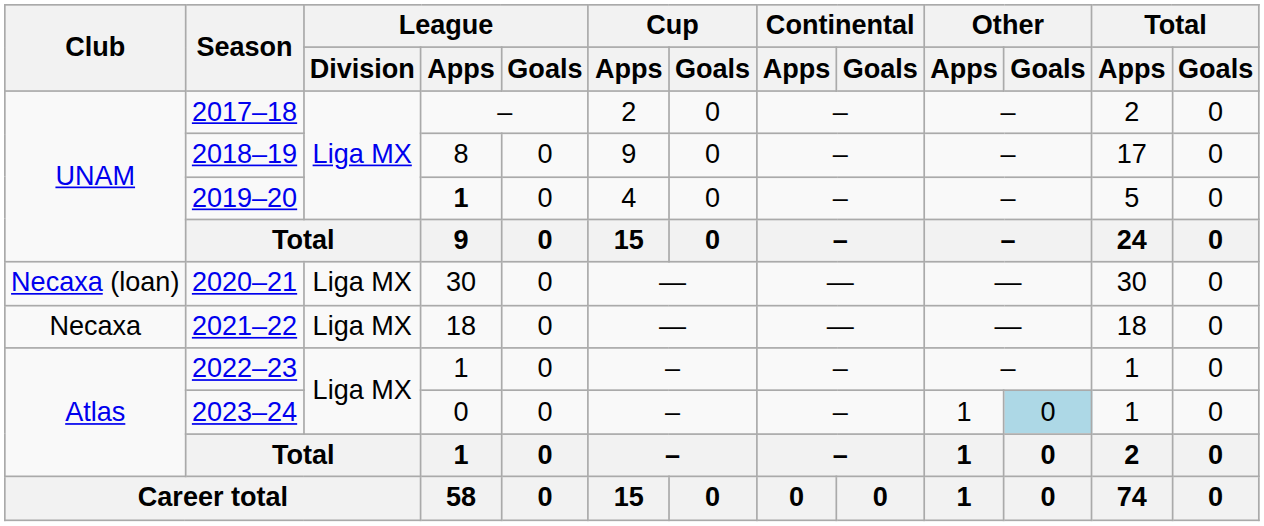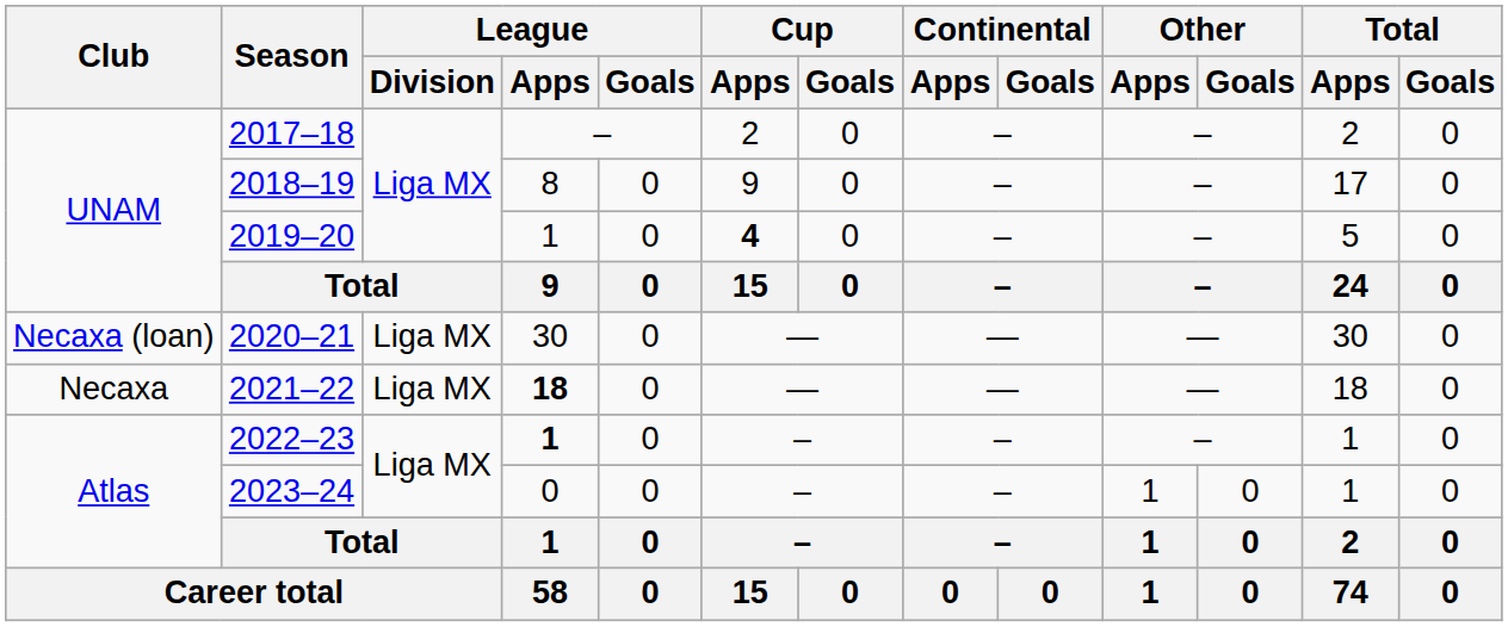 <table class="wikitable" style="text-align: center">
 <tr>
 <th rowspan="2">Club</th>
 <th rowspan="2">Season</th>
 <th colspan="3">League</th>
 <th colspan="2">Cup</th>
 <th colspan="2">Continental</th>
 <th colspan="2">Other</th>
 <th colspan="2">Total</th>
 </tr>
 <tr>
 <th>Division</th>
 <th>Apps</th>
 <th>Goals</th>
 <th>Apps</th>
 <th>Goals</th>
 <th>Apps</th>
 <th>Goals</th>
 <th>Apps</th>
 <th>Goals</th>
 <th>Apps</th>
 <th>Goals</th>
 </tr>
 <tr>
 <td rowspan="4"><a href='#'>UNAM</a></td>
 <td><a href='#'>2017–18</a></td>
 <td rowspan="3"><a href='#'>Liga MX</a></td>
 <td colspan=2>–</td>
 <td>2</td>
 <td>0</td>
 <td colspan="2">–</td>
 <td colspan=2>–</td>
 <td>2</td>
 <td>0</td>
 </tr>
 <tr>
 <td><a href='#'>2018–19</a></td>
 <td>8</td>
 <td>0</td>
 <td>9</td>
 <td>0</td>
 <td colspan=2>–</td>
 <td colspan=2>–</td>
 <td>17</td>
 <td>0</td>
 </tr>
 <tr>
 <td><a href='#'>2019–20</a></td>
-<td><strong>1</strong></td>
+<td>1</td>
 <td>0</td>
-<td>4</td>
+<td><strong>4</strong></td>
 <td>0</td>
 <td colspan=2>–</td>
 <td colspan=2>–</td>
 <td>5</td>
 <td>0</td>
 </tr>
 <tr>
 <th colspan="2">Total</th>
 <th>9</th>
 <th>0</th>
 <th>15</th>
 <th>0</th>
 <th colspan="2">–</th>
 <th colspan="2">–</th>
 <th>24</th>
 <th>0</th>
 </tr>
 <tr>
 <td><a href='#'>Necaxa</a> (loan)</td>
 <td><a href='#'>2020–21</a></td>
 <td>Liga MX</td>
 <td>30</td>
 <td>0</td>
 <td colspan=2>—</td>
 <td colspan=2>—</td>
 <td colspan=2>—</td>
 <td>30</td>
 <td>0</td>
 </tr>
 <tr>
 <td>Necaxa</td>
 <td><a href='#'>2021–22</a></td>
 <td>Liga MX</td>
-<td>18</td>
+<td><strong>18</strong></td>
 <td>0</td>
 <td colspan=2>—</td>
 <td colspan=2>—</td>
 <td colspan=2>—</td>
 <td>18</td>
 <td>0</td>
 </tr>
 <tr>
 <td rowspan="3"><a href='#'>Atlas</a></td>
 <td><a href='#'>2022–23</a></td>
 <td rowspan="2">Liga MX</td>
-<td>1</td>
+<td><strong>1</strong></td>
 <td>0</td>
 <td colspan=2>–</td>
 <td colspan="2">–</td>
 <td colspan=2>–</td>
 <td>1</td>
 <td>0</td>
 </tr>
 <tr>
 <td><a href='#'>2023–24</a></td>
 <td>0</td>
 <td>0</td>
 <td colspan=2>–</td>
 <td colspan="2">–</td>
 <td>1</td>
-<td style="background: lightblue;">0</td>
+<td>0</td>
 <td>1</td>
 <td>0</td>
 </tr>
 <tr>
 <th colspan="2">Total</th>
 <th>1</th>
 <th>0</th>
 <th colspan="2">–</th>
 <th colspan="2">–</th>
 <th>1</th>
 <th>0</th>
 <th>2</th>
 <th>0</th>
 </tr>
 <tr>
 <th colspan="3">Career total</th>
 <th>58</th>
 <th>0</th>
 <th>15</th>
 <th>0</th>
 <th>0</th>
 <th>0</th>
 <th>1</th>
 <th>0</th>
 <th>74</th>
 <th>0</th>
 </tr>
 </table>
